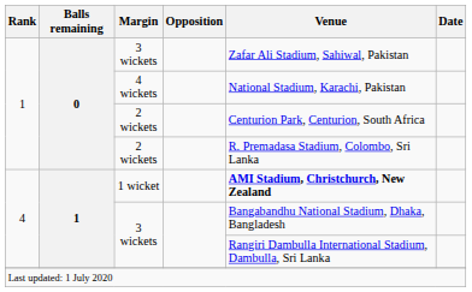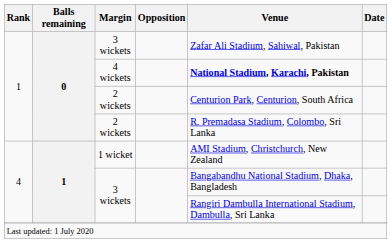 <table class="wikitable plainrowheaders sortable">
 <tr>
 <th scope=col>Rank</th>
 <th scope=col>Balls remaining</th>
 <th scope=col>Margin</th>
 <th scope=col>Opposition</th>
 <th scope=col>Venue</th>
 <th scope=col>Date</th>
 </tr>
 <tr>
 <td align=center rowspan=4>1</td>
 <th scope=row style=text-align:center; rowspan=4>0</th>
 <td scope=row style=text-align:center;>3 wickets</td>
 <td></td>
 <td><a href='#'>Zafar Ali Stadium</a>, <a href='#'>Sahiwal</a>, Pakistan</td>
 <td></td>
 </tr>
 <tr>
 <td scope=row style=text-align:center;>4 wickets</td>
 <td></td>
-<td><a href='#'>National Stadium</a>, <a href='#'>Karachi</a>, Pakistan</td>
+<td><strong><a href='#'>National Stadium</a>, <a href='#'>Karachi</a>, Pakistan</strong></td>
 <td></td>
 </tr>
 <tr>
 <td scope=row style=text-align:center;>2 wickets</td>
 <td></td>
 <td><a href='#'>Centurion Park</a>, <a href='#'>Centurion</a>, South Africa</td>
 <td></td>
 </tr>
 <tr>
 <td scope=row style=text-align:center;>2 wickets</td>
 <td></td>
 <td><a href='#'>R. Premadasa Stadium</a>, <a href='#'>Colombo</a>, Sri Lanka</td>
 <td></td>
 </tr>
 <tr>
 <td align=center rowspan=3>4</td>
 <th scope=row style=text-align:center; rowspan=3>1</th>
 <td scope=row style=text-align:center;>1 wicket</td>
 <td></td>
-<td><strong><a href='#'>AMI Stadium</a>, <a href='#'>Christchurch</a>, New Zealand</strong></td>
+<td><a href='#'>AMI Stadium</a>, <a href='#'>Christchurch</a>, New Zealand</td>
 <td></td>
 </tr>
 <tr>
 <td scope=row style=text-align:center; rowspan=2>3 wickets</td>
 <td rowspan=2></td>
 <td><a href='#'>Bangabandhu National Stadium</a>, <a href='#'>Dhaka</a>, Bangladesh</td>
 <td></td>
 </tr>
 <tr>
 <td><a href='#'>Rangiri Dambulla International Stadium</a>, <a href='#'>Dambulla</a>, Sri Lanka</td>
 <td></td>
 </tr>
 <tr>
 </tr>
 <tr class=sortbottom>
 <td colspan=6><small>Last updated: 1 July 2020</small></td>
 </tr>
 </table>
